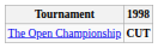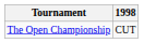 <table class="wikitable" style="font-size:95%;text-align:center;">
 <tr>
 <th>Tournament</th>
 <th>1998</th>
 </tr>
 <tr>
 <td align="left"><a href='#'>The Open Championship</a></td>
-<td><strong>CUT</strong></td>
+<td>CUT</td>
 </tr>
 </table>
